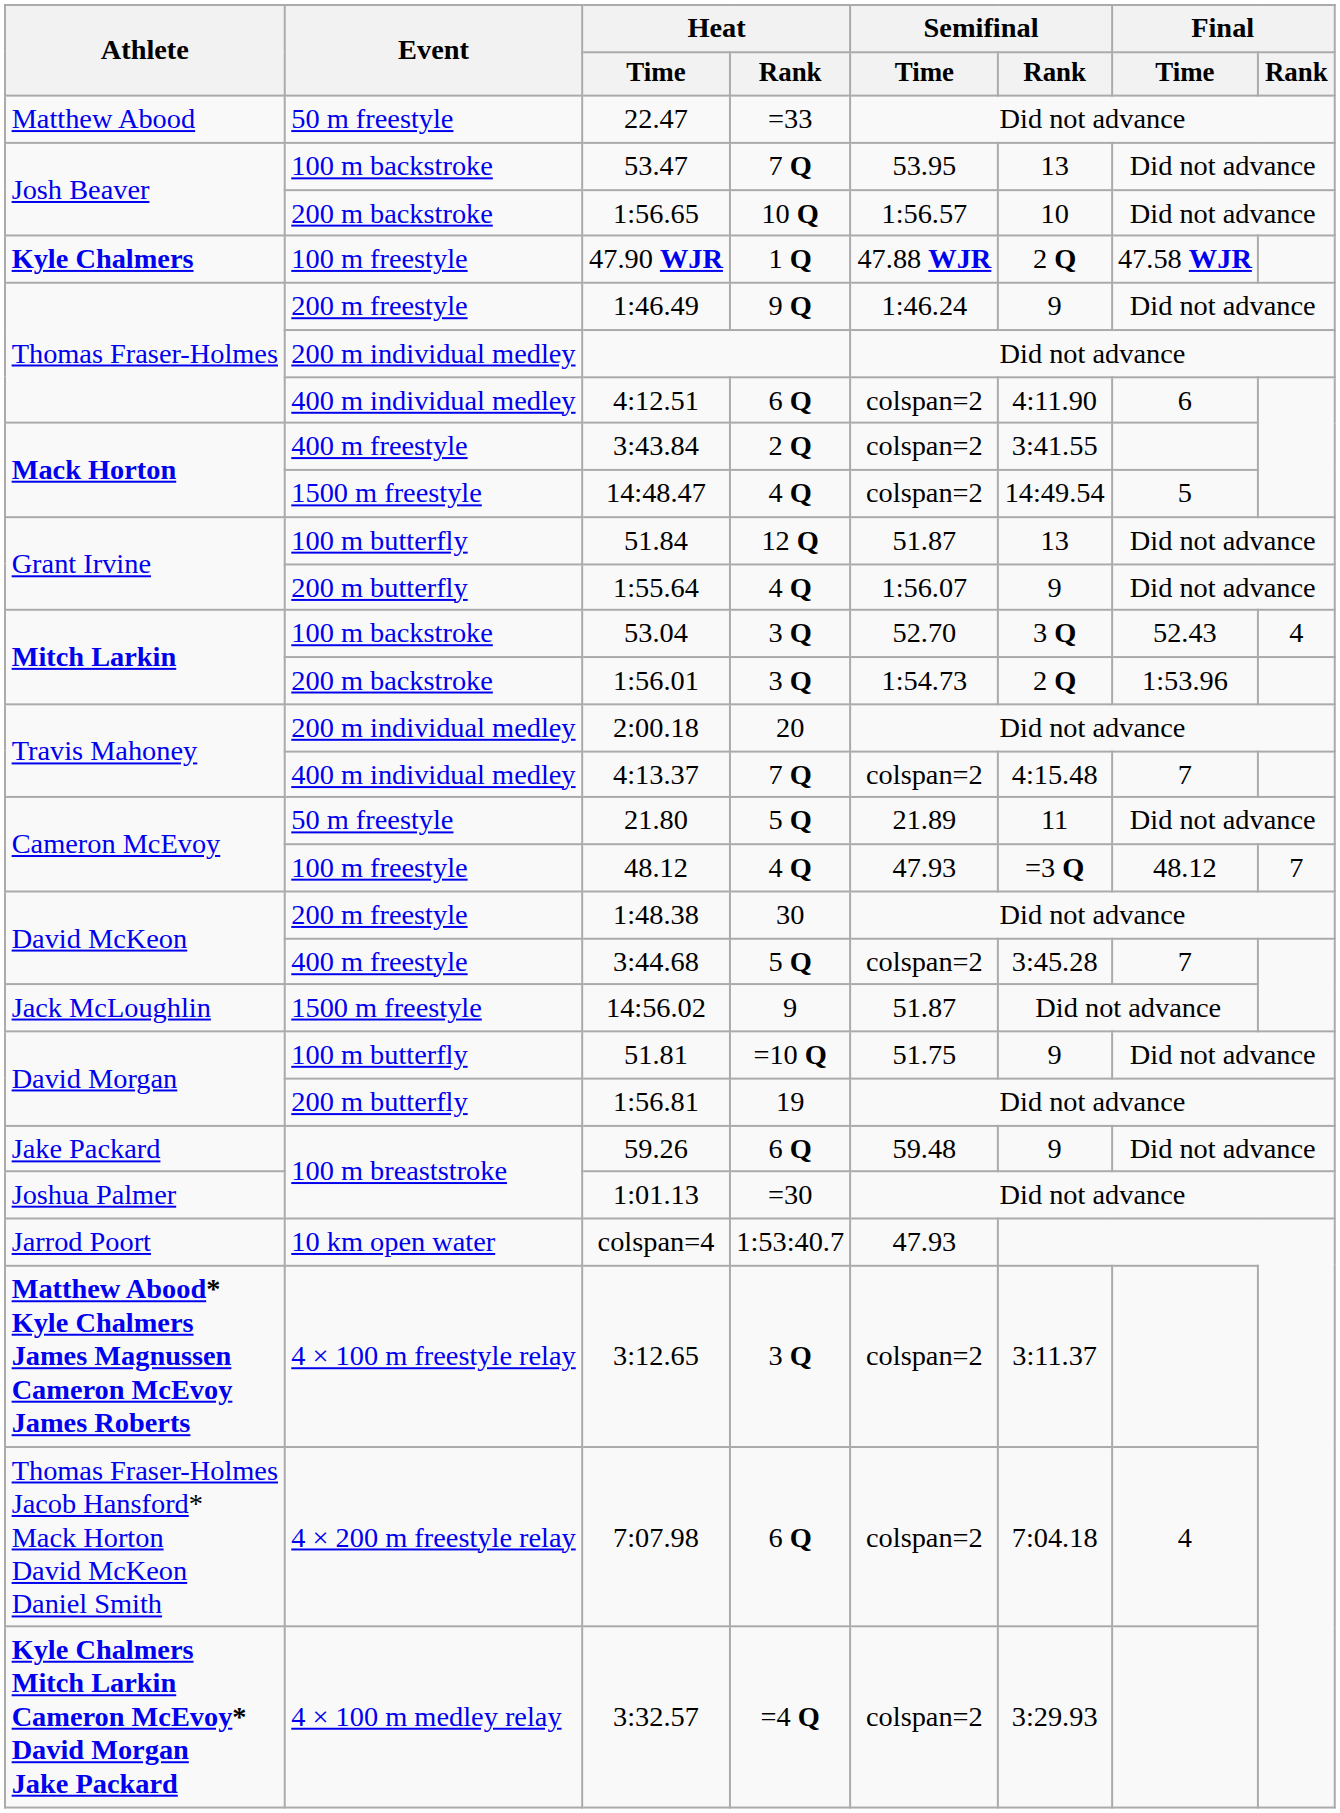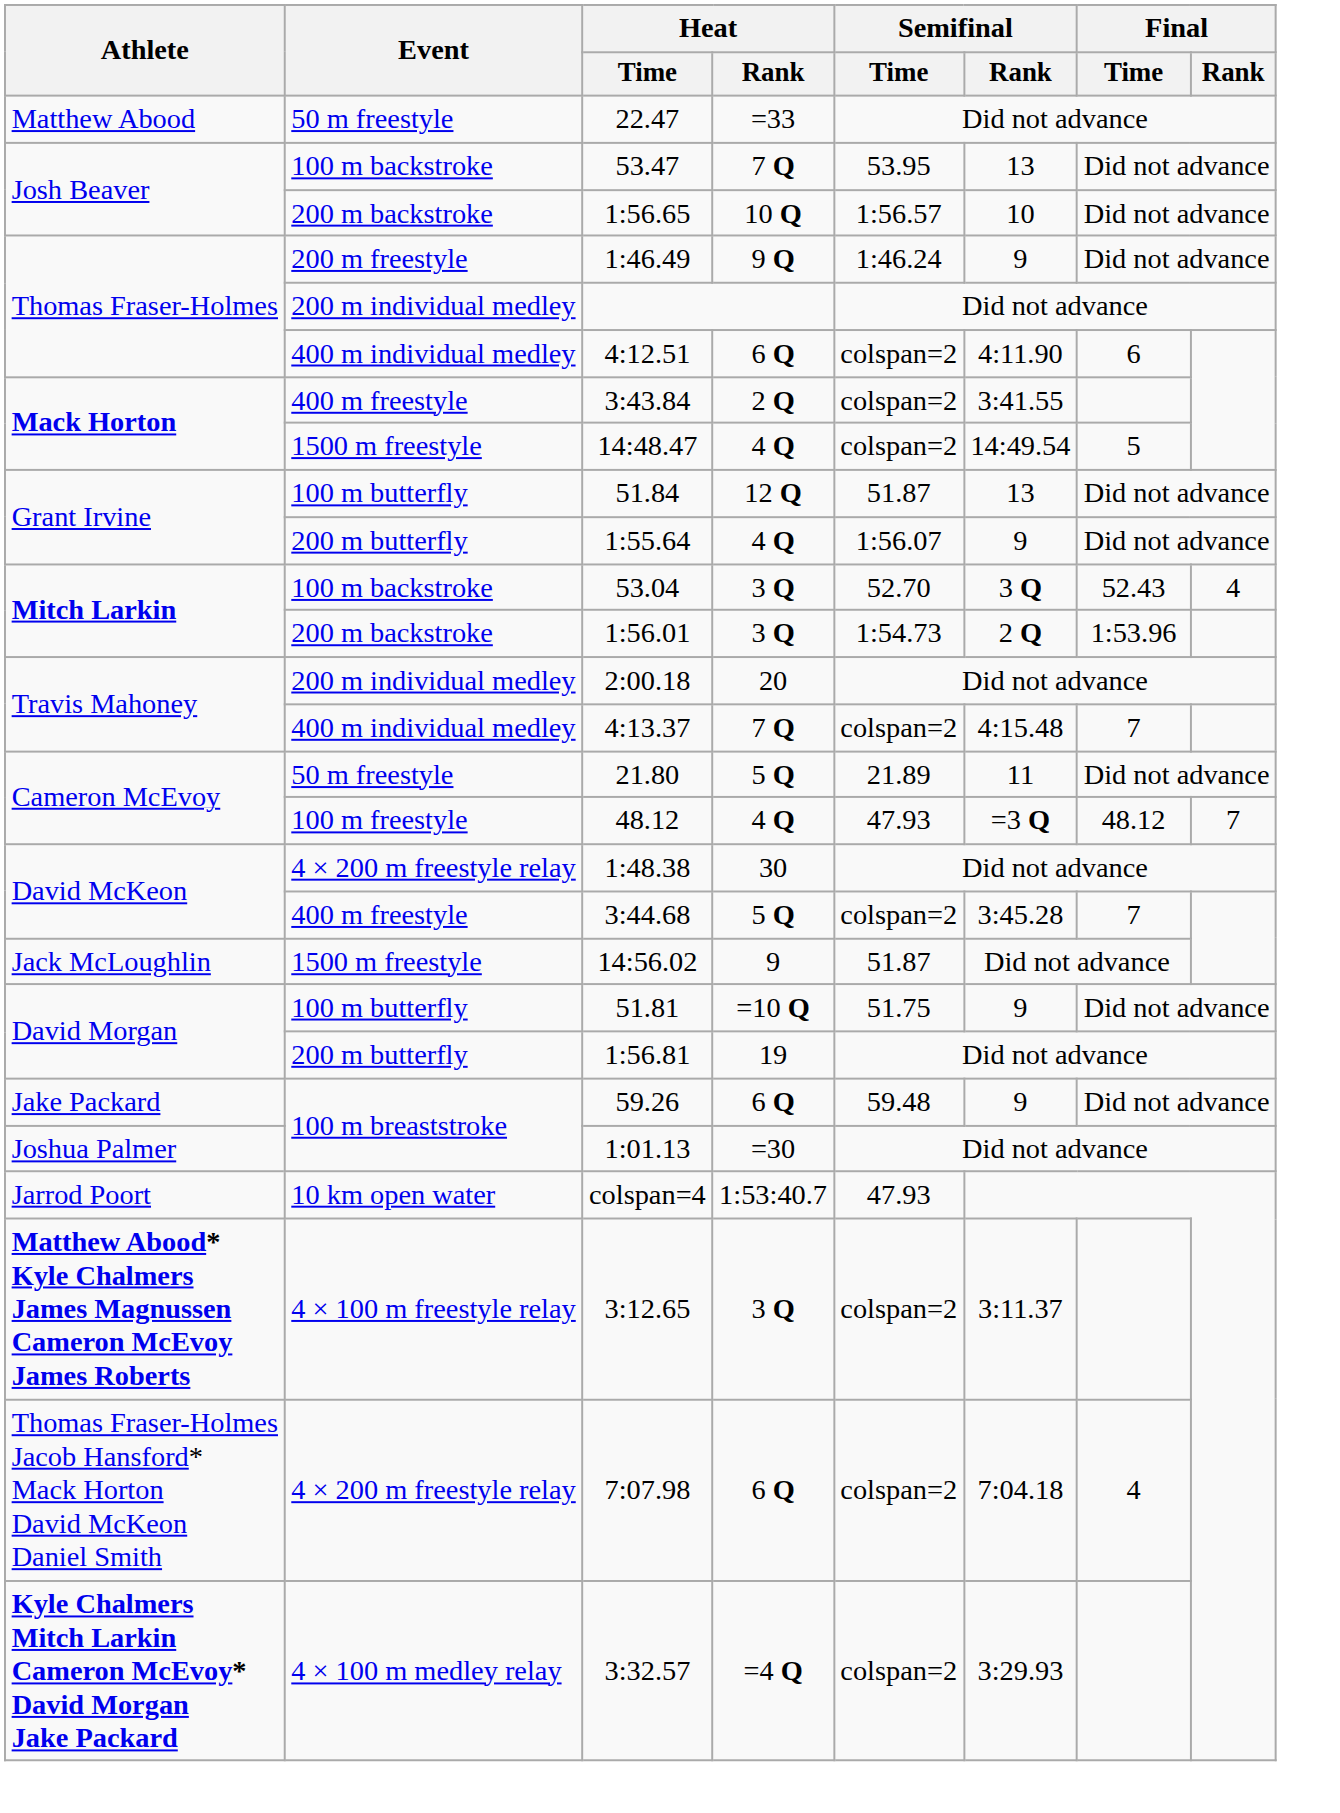 <table class=wikitable style="font-size:90%">
 <tr>
 <th rowspan="2">Athlete</th>
 <th rowspan="2">Event</th>
 <th colspan="2">Heat</th>
 <th colspan="2">Semifinal</th>
 <th colspan="2">Final</th>
 </tr>
 <tr style="font-size:95%">
 <th>Time</th>
 <th>Rank</th>
 <th>Time</th>
 <th>Rank</th>
 <th>Time</th>
 <th>Rank</th>
 </tr>
 <tr align=center>
 <td align=left><a href='#'>Matthew Abood</a></td>
 <td align=left><a href='#'>50 m freestyle</a></td>
 <td>22.47</td>
 <td>=33</td>
 <td colspan=4>Did not advance</td>
 </tr>
 <tr align=center>
 <td align=left rowspan=2><a href='#'>Josh Beaver</a></td>
 <td align=left><a href='#'>100 m backstroke</a></td>
 <td>53.47</td>
 <td>7 <strong>Q</strong></td>
 <td>53.95</td>
 <td>13</td>
 <td colspan=2>Did not advance</td>
 </tr>
 <tr align=center>
 <td align=left><a href='#'>200 m backstroke</a></td>
 <td>1:56.65</td>
 <td>10 <strong>Q</strong></td>
 <td>1:56.57</td>
 <td>10</td>
 <td colspan=2>Did not advance</td>
-</tr>
-<tr align=center>
-<td align=left><strong><a href='#'>Kyle Chalmers</a></strong></td>
-<td align=left><a href='#'>100 m freestyle</a></td>
-<td>47.90 <strong><a href='#'>WJR</a></strong></td>
-<td>1 <strong>Q</strong></td>
-<td>47.88 <strong><a href='#'>WJR</a></strong></td>
-<td>2 <strong>Q</strong></td>
-<td>47.58 <strong><a href='#'>WJR</a></strong></td>
-<td></td>
 </tr>
 <tr align=center>
 <td align=left rowspan=3><a href='#'>Thomas Fraser-Holmes</a></td>
 <td align=left><a href='#'>200 m freestyle</a></td>
 <td>1:46.49</td>
 <td>9 <strong>Q</strong></td>
 <td>1:46.24</td>
 <td>9</td>
 <td colspan=2>Did not advance</td>
 </tr>
 <tr align=center>
 <td align=left><a href='#'>200 m individual medley</a></td>
 <td colspan=2></td>
 <td colspan=4>Did not advance</td>
 </tr>
 <tr align=center>
 <td align=left><a href='#'>400 m individual medley</a></td>
 <td>4:12.51</td>
 <td>6 <strong>Q</strong></td>
 <td>colspan=2 </td>
 <td>4:11.90</td>
 <td>6</td>
 </tr>
 <tr align=center>
 <td align=left rowspan=2><strong><a href='#'>Mack Horton</a></strong></td>
 <td align=left><a href='#'>400 m freestyle</a></td>
 <td>3:43.84</td>
 <td>2 <strong>Q</strong></td>
 <td>colspan=2 </td>
 <td>3:41.55</td>
 <td></td>
 </tr>
 <tr align=center>
 <td align=left><a href='#'>1500 m freestyle</a></td>
 <td>14:48.47</td>
 <td>4 <strong>Q</strong></td>
 <td>colspan=2 </td>
 <td>14:49.54</td>
 <td>5</td>
 </tr>
 <tr align=center>
 <td align=left rowspan=2><a href='#'>Grant Irvine</a></td>
 <td align=left><a href='#'>100 m butterfly</a></td>
 <td>51.84</td>
 <td>12 <strong>Q</strong></td>
 <td>51.87</td>
 <td>13</td>
 <td colspan=2>Did not advance</td>
 </tr>
 <tr align=center>
 <td align=left><a href='#'>200 m butterfly</a></td>
 <td>1:55.64</td>
 <td>4 <strong>Q</strong></td>
 <td>1:56.07</td>
 <td>9</td>
 <td colspan=2>Did not advance</td>
 </tr>
 <tr align=center>
 <td align=left rowspan=2><strong><a href='#'>Mitch Larkin</a></strong></td>
 <td align=left><a href='#'>100 m backstroke</a></td>
 <td>53.04</td>
 <td>3 <strong>Q</strong></td>
 <td>52.70</td>
 <td>3 <strong>Q</strong></td>
 <td>52.43</td>
 <td>4</td>
 </tr>
 <tr align=center>
 <td align=left><a href='#'>200 m backstroke</a></td>
 <td>1:56.01</td>
 <td>3 <strong>Q</strong></td>
 <td>1:54.73</td>
 <td>2 <strong>Q</strong></td>
 <td>1:53.96</td>
 <td></td>
 </tr>
 <tr align=center>
 <td align=left rowspan=2><a href='#'>Travis Mahoney</a></td>
 <td align=left><a href='#'>200 m individual medley</a></td>
 <td>2:00.18</td>
 <td>20</td>
 <td colspan=4>Did not advance</td>
 </tr>
 <tr align=center>
 <td align=left><a href='#'>400 m individual medley</a></td>
 <td>4:13.37</td>
 <td>7 <strong>Q</strong></td>
 <td>colspan=2 </td>
 <td>4:15.48</td>
 <td>7</td>
 </tr>
 <tr align=center>
 <td align=left rowspan=2><a href='#'>Cameron McEvoy</a></td>
 <td align=left><a href='#'>50 m freestyle</a></td>
 <td>21.80</td>
 <td>5 <strong>Q</strong></td>
 <td>21.89</td>
 <td>11</td>
 <td colspan=2>Did not advance</td>
 </tr>
 <tr align=center>
 <td align=left><a href='#'>100 m freestyle</a></td>
 <td>48.12</td>
 <td>4 <strong>Q</strong></td>
 <td>47.93</td>
 <td>=3 <strong>Q</strong></td>
 <td>48.12</td>
 <td>7</td>
 </tr>
 <tr align=center>
 <td align=left rowspan=2><a href='#'>David McKeon</a></td>
-<td align=left><a href='#'>200 m freestyle</a></td>
+<td align=left><a href='#'>4 × 200 m freestyle relay</a></td>
 <td>1:48.38</td>
 <td>30</td>
 <td colspan=4>Did not advance</td>
 </tr>
 <tr align=center>
 <td align=left><a href='#'>400 m freestyle</a></td>
 <td>3:44.68</td>
 <td>5 <strong>Q</strong></td>
 <td>colspan=2 </td>
 <td>3:45.28</td>
 <td>7</td>
 </tr>
 <tr align=center>
 <td align=left><a href='#'>Jack McLoughlin</a></td>
 <td align=left><a href='#'>1500 m freestyle</a></td>
 <td>14:56.02</td>
 <td>9</td>
 <td>51.87</td>
 <td colspan=2>Did not advance</td>
 </tr>
 <tr align=center>
 <td align=left rowspan=2><a href='#'>David Morgan</a></td>
 <td align=left><a href='#'>100 m butterfly</a></td>
 <td>51.81</td>
 <td>=10 <strong>Q</strong></td>
 <td>51.75</td>
 <td>9</td>
 <td colspan=2>Did not advance</td>
 </tr>
 <tr align=center>
 <td align=left><a href='#'>200 m butterfly</a></td>
 <td>1:56.81</td>
 <td>19</td>
 <td colspan=4>Did not advance</td>
 </tr>
 <tr align=center>
 <td align=left><a href='#'>Jake Packard</a></td>
 <td align=left rowspan=2><a href='#'>100 m breaststroke</a></td>
 <td>59.26</td>
 <td>6 <strong>Q</strong></td>
 <td>59.48</td>
 <td>9</td>
 <td colspan=2>Did not advance</td>
 </tr>
 <tr align=center>
 <td align=left><a href='#'>Joshua Palmer</a></td>
 <td>1:01.13</td>
 <td>=30</td>
 <td colspan=4>Did not advance</td>
 </tr>
 <tr align=center>
 <td align=left><a href='#'>Jarrod Poort</a></td>
 <td align=left><a href='#'>10 km open water</a></td>
 <td>colspan=4 </td>
 <td>1:53:40.7</td>
 <td>47.93</td>
 </tr>
 <tr align=center>
 <td align=left><strong><a href='#'>Matthew Abood</a>*<br><a href='#'>Kyle Chalmers</a><br><a href='#'>James Magnussen</a><br><a href='#'>Cameron McEvoy</a><br><a href='#'>James Roberts</a></strong></td>
 <td align=left><a href='#'>4 × 100 m freestyle relay</a></td>
 <td>3:12.65</td>
 <td>3 <strong>Q</strong></td>
 <td>colspan=2 </td>
 <td>3:11.37</td>
 <td></td>
 </tr>
 <tr align=center>
 <td align=left><a href='#'>Thomas Fraser-Holmes</a><br><a href='#'>Jacob Hansford</a>*<br><a href='#'>Mack Horton</a><br><a href='#'>David McKeon</a><br><a href='#'>Daniel Smith</a></td>
 <td align=left><a href='#'>4 × 200 m freestyle relay</a></td>
 <td>7:07.98</td>
 <td>6 <strong>Q</strong></td>
 <td>colspan=2 </td>
 <td>7:04.18</td>
 <td>4</td>
 </tr>
 <tr align=center>
 <td align=left><strong><a href='#'>Kyle Chalmers</a><br><a href='#'>Mitch Larkin</a><br><a href='#'>Cameron McEvoy</a>*<br><a href='#'>David Morgan</a><br><a href='#'>Jake Packard</a></strong></td>
 <td align=left><a href='#'>4 × 100 m medley relay</a></td>
 <td>3:32.57</td>
 <td>=4 <strong>Q</strong></td>
 <td>colspan=2 </td>
 <td>3:29.93</td>
 <td></td>
 </tr>
 </table>
